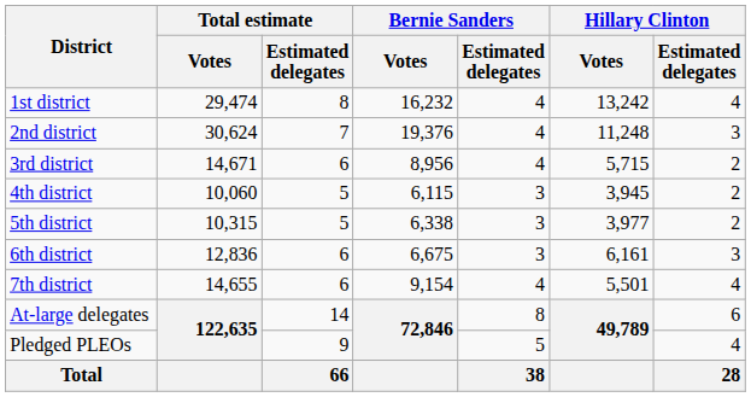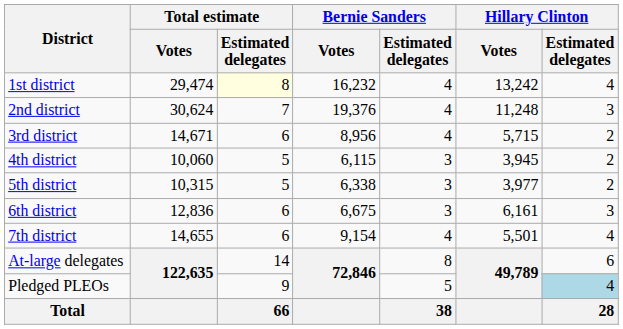 <table class=wikitable style="text-align:right">
 <tr>
 </tr>
 <tr>
 <th rowspan=2 style="width:120px;">District</th>
 <th colspan=2 style="width:80px;">Total estimate</th>
 <th colspan=2 style="width:80px;"><a href='#'>Bernie Sanders</a></th>
 <th colspan=2 style="width:80px;"><a href='#'>Hillary Clinton</a></th>
 </tr>
 <tr>
 <th style="width:80px;">Votes</th>
 <th style="width:60px;">Estimated delegates</th>
 <th style="width:80px;">Votes</th>
 <th style="width:60px;">Estimated delegates</th>
 <th style="width:80px;">Votes</th>
 <th style="width:60px;">Estimated delegates</th>
 </tr>
 <tr>
 <td style="text-align:left"><a href='#'>1st district</a></td>
 <td>29,474</td>
-<td>8</td>
+<td style="background: lightyellow;">8</td>
 <td>16,232</td>
 <td>4</td>
 <td>13,242</td>
 <td>4</td>
 </tr>
 <tr>
 <td style="text-align:left"><a href='#'>2nd district</a></td>
 <td>30,624</td>
 <td>7</td>
 <td>19,376</td>
 <td>4</td>
 <td>11,248</td>
 <td>3</td>
 </tr>
 <tr>
 <td style="text-align:left"><a href='#'>3rd district</a></td>
 <td>14,671</td>
 <td>6</td>
 <td>8,956</td>
 <td>4</td>
 <td>5,715</td>
 <td>2</td>
 </tr>
 <tr>
 <td style="text-align:left"><a href='#'>4th district</a></td>
 <td>10,060</td>
 <td>5</td>
 <td>6,115</td>
 <td>3</td>
 <td>3,945</td>
 <td>2</td>
 </tr>
 <tr>
 <td style="text-align:left"><a href='#'>5th district</a></td>
 <td>10,315</td>
 <td>5</td>
 <td>6,338</td>
 <td>3</td>
 <td>3,977</td>
 <td>2</td>
 </tr>
 <tr>
 <td style="text-align:left"><a href='#'>6th district</a></td>
 <td>12,836</td>
 <td>6</td>
 <td>6,675</td>
 <td>3</td>
 <td>6,161</td>
 <td>3</td>
 </tr>
 <tr>
 <td style="text-align:left"><a href='#'>7th district</a></td>
 <td>14,655</td>
 <td>6</td>
 <td>9,154</td>
 <td>4</td>
 <td>5,501</td>
 <td>4</td>
 </tr>
 <tr>
 <td style="text-align:left"><a href='#'>At-large</a> delegates</td>
 <th rowspan=2 style="text-align:right">122,635</th>
 <td>14</td>
 <th rowspan=2 style="text-align:right">72,846</th>
 <td>8</td>
 <th rowspan=2 style="text-align:right">49,789</th>
 <td>6</td>
 </tr>
 <tr>
 <td style="text-align:left">Pledged PLEOs</td>
 <td>9</td>
 <td>5</td>
-<td>4</td>
+<td style="background: lightblue;">4</td>
 </tr>
 <tr>
 <th>Total</th>
 <th></th>
 <th style="text-align:right">66</th>
 <th></th>
 <th style="text-align:right">38</th>
 <th></th>
 <th style="text-align:right">28</th>
 </tr>
 </table>
